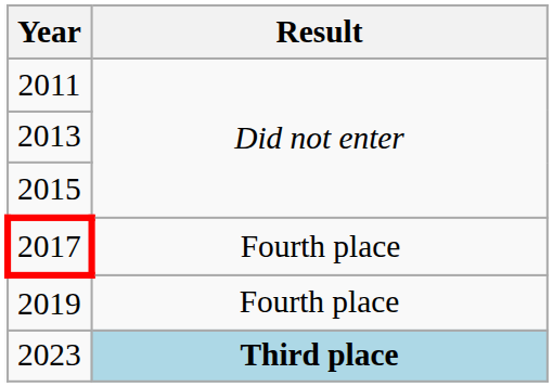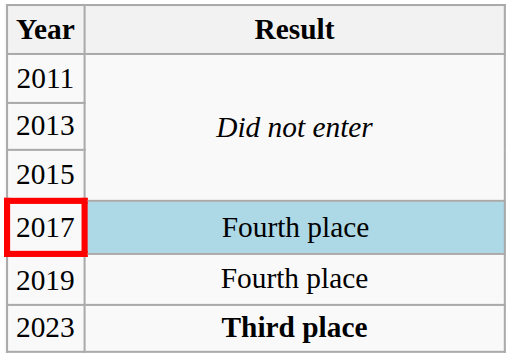 <table class="wikitable" style="text-align: center; font-size:90%">
 <tr>
 <th>Year</th>
 <th style="width:200px">Result</th>
 </tr>
 <tr>
 <td> 2011</td>
 <td rowspan="3"><em>Did not enter</em></td>
 </tr>
 <tr>
 <td> 2013</td>
 </tr>
 <tr>
 <td> 2015</td>
 </tr>
 <tr>
 <td style="border: 3px solid red"> 2017</td>
-<td>Fourth place</td>
+<td style="background: lightblue;">Fourth place</td>
 </tr>
 <tr>
 <td> 2019</td>
 <td>Fourth place</td>
 </tr>
 <tr>
 <td> 2023</td>
-<td style="background: lightblue;"><strong> Third place</strong></td>
+<td><strong> Third place</strong></td>
 </tr>
 </table>
